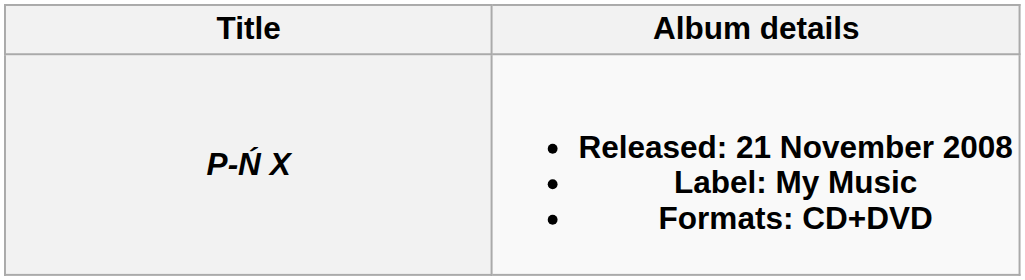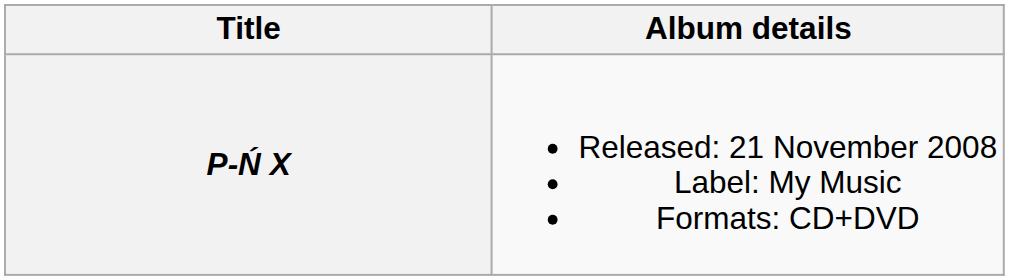 <table class="wikitable plainrowheaders" style="text-align:center;">
 <tr>
 <th scope="col" style="width:15em;">Title</th>
 <th scope="col">Album details</th>
 </tr>
 <tr>
 <th scope="row"><em>P-Ń X</em></th>
-<td><strong><br><ul><li>Released: 21 November 2008</li><li>Label: My Music</li><li>Formats: CD+DVD</li></ul></strong></td>
+<td><br><ul><li>Released: 21 November 2008</li><li>Label: My Music</li><li>Formats: CD+DVD</li></ul></td>
 </tr>
 </table>
